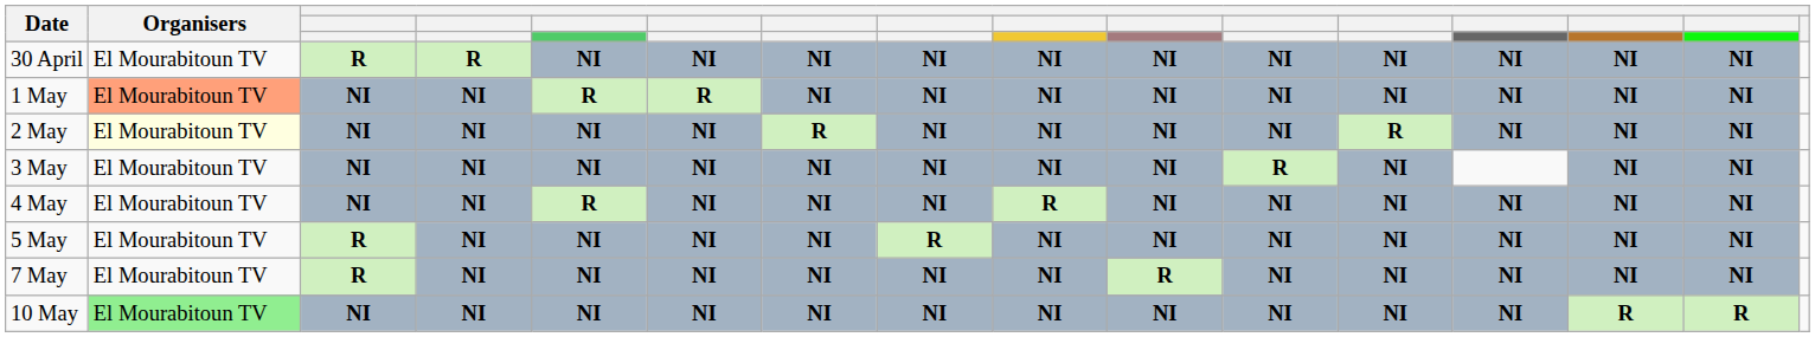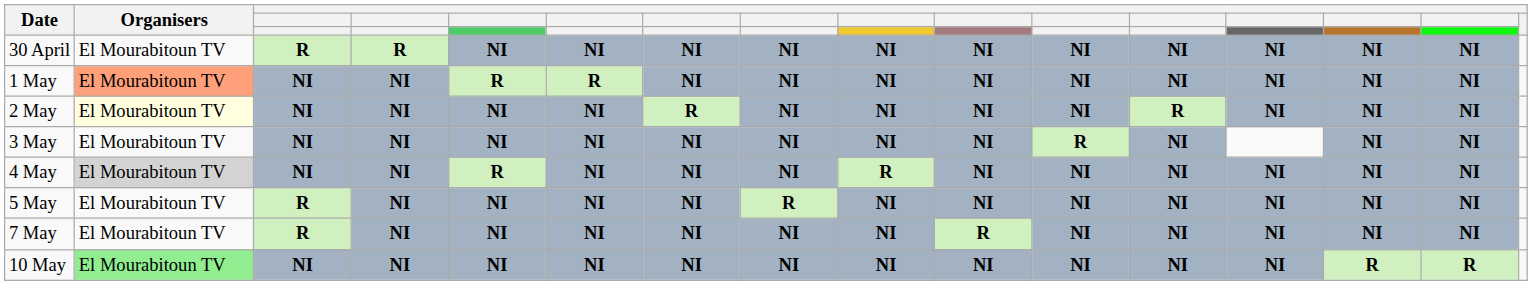 <table class="wikitable" style="text-align:center;font-size:95%;">
 <tr>
 <th rowspan="3">Date</th>
 <th rowspan="3" style="width:10em;">Organisers</th>
 <th colspan="15">      </th>
 </tr>
 <tr>
 <th scope="col" style="width:7em;"></th>
 <th scope="col" style="width:7em;"></th>
 <th scope="col" style="width:7em;"></th>
 <th scope="col" style="width:7em;"></th>
 <th scope="col" style="width:7em;"></th>
 <th scope="col" style="width:7em;"></th>
 <th scope="col" style="width:7em;"></th>
 <th scope="col" style="width:7em;"></th>
 <th scope="col" style="width:7em;"></th>
 <th scope="col" style="width:7em;"></th>
 <th scope="col" style="width:7em;"></th>
 <th scope="col" style="width:7em;"></th>
 <th scope="col" style="width:7em;"></th>
 <th rowspan="2"></th>
 </tr>
 <tr>
 <th style="color:inherit;background:"></th>
 <th style="color:inherit;background:"></th>
 <th style="color:inherit;background:#4FCB68;"></th>
 <th style="color:inherit;background:"></th>
 <th style="color:inherit;background:"></th>
 <th style="color:inherit;background:"></th>
 <th style="color:inherit;background:#F0C832;"></th>
 <th style="color:inherit;background:#A47A7E;"></th>
 <th style="color:inherit;background:"></th>
 <th style="color:inherit;background:"></th>
 <th style="color:inherit;background:#666666;"></th>
 <th style="color:inherit;background:#B7752C;"></th>
 <th style="color:inherit;background:#0EF70E;"></th>
 </tr>
 <tr>
 <td style="white-space:nowrap; text-align:left;">30 April</td>
 <td style="white-space:nowrap; text-align:left;">El Mourabitoun TV<br></td>
 <td style="background:#D0F0C0;"><strong>R</strong><br></td>
 <td style="background:#D0F0C0;"><strong>R</strong><br></td>
 <td style="background:#A2B2C2;"><strong>NI</strong></td>
 <td style="background:#A2B2C2;"><strong>NI</strong></td>
 <td style="background:#A2B2C2;"><strong>NI</strong></td>
 <td style="background:#A2B2C2;"><strong>NI</strong></td>
 <td style="background:#A2B2C2;"><strong>NI</strong></td>
 <td style="background:#A2B2C2;"><strong>NI</strong></td>
 <td style="background:#A2B2C2;"><strong>NI</strong></td>
 <td style="background:#A2B2C2;"><strong>NI</strong></td>
 <td style="background:#A2B2C2;"><strong>NI</strong></td>
 <td style="background:#A2B2C2;"><strong>NI</strong></td>
 <td style="background:#A2B2C2;"><strong>NI</strong></td>
 <td></td>
 </tr>
 <tr>
 <td style="white-space:nowrap; text-align:left;">1 May</td>
 <td style="background: lightsalmon; white-space:nowrap; text-align:left;">El Mourabitoun TV<br></td>
 <td style="background:#A2B2C2;"><strong>NI</strong></td>
 <td style="background:#A2B2C2;"><strong>NI</strong></td>
 <td style="background:#D0F0C0;"><strong>R</strong><br></td>
 <td style="background:#D0F0C0;"><strong>R</strong><br></td>
 <td style="background:#A2B2C2;"><strong>NI</strong></td>
 <td style="background:#A2B2C2;"><strong>NI</strong></td>
 <td style="background:#A2B2C2;"><strong>NI</strong></td>
 <td style="background:#A2B2C2;"><strong>NI</strong></td>
 <td style="background:#A2B2C2;"><strong>NI</strong></td>
 <td style="background:#A2B2C2;"><strong>NI</strong></td>
 <td style="background:#A2B2C2;"><strong>NI</strong></td>
 <td style="background:#A2B2C2;"><strong>NI</strong></td>
 <td style="background:#A2B2C2;"><strong>NI</strong></td>
 <td></td>
 </tr>
 <tr>
 <td style="white-space:nowrap; text-align:left;">2 May</td>
 <td style="background: lightyellow; white-space:nowrap; text-align:left;">El Mourabitoun TV<br></td>
 <td style="background:#A2B2C2;"><strong>NI</strong></td>
 <td style="background:#A2B2C2;"><strong>NI</strong></td>
 <td style="background:#A2B2C2;"><strong>NI</strong></td>
 <td style="background:#A2B2C2;"><strong>NI</strong></td>
 <td style="background:#D0F0C0;"><strong>R</strong><br></td>
 <td style="background:#A2B2C2;"><strong>NI</strong></td>
 <td style="background:#A2B2C2;"><strong>NI</strong></td>
 <td style="background:#A2B2C2;"><strong>NI</strong></td>
 <td style="background:#A2B2C2;"><strong>NI</strong></td>
 <td style="background:#D0F0C0;"><strong>R</strong><br></td>
 <td style="background:#A2B2C2;"><strong>NI</strong></td>
 <td style="background:#A2B2C2;"><strong>NI</strong></td>
 <td style="background:#A2B2C2;"><strong>NI</strong></td>
 <td></td>
 </tr>
 <tr>
 <td style="white-space:nowrap; text-align:left;">3 May</td>
 <td style="white-space:nowrap; text-align:left;">El Mourabitoun TV<br></td>
 <td style="background:#A2B2C2;"><strong>NI</strong></td>
 <td style="background:#A2B2C2;"><strong>NI</strong></td>
 <td style="background:#A2B2C2;"><strong>NI</strong></td>
 <td style="background:#A2B2C2;"><strong>NI</strong></td>
 <td style="background:#A2B2C2;"><strong>NI</strong></td>
 <td style="background:#A2B2C2;"><strong>NI</strong></td>
 <td style="background:#A2B2C2;"><strong>NI</strong></td>
 <td style="background:#A2B2C2;"><strong>NI</strong></td>
 <td style="background:#D0F0C0;"><strong>R</strong><br></td>
 <td style="background:#A2B2C2;"><strong>NI</strong></td>
 <td></td>
 <td style="background:#A2B2C2;"><strong>NI</strong></td>
 <td style="background:#A2B2C2;"><strong>NI</strong></td>
 <td></td>
 </tr>
 <tr>
 <td style="white-space:nowrap; text-align:left;">4 May</td>
-<td style="white-space:nowrap; text-align:left;">El Mourabitoun TV<br></td>
+<td style="background: lightgrey; white-space:nowrap; text-align:left;">El Mourabitoun TV<br></td>
 <td style="background:#A2B2C2;"><strong>NI</strong></td>
 <td style="background:#A2B2C2;"><strong>NI</strong></td>
 <td style="background:#D0F0C0;"><strong>R</strong><br></td>
 <td style="background:#A2B2C2;"><strong>NI</strong></td>
 <td style="background:#A2B2C2;"><strong>NI</strong></td>
 <td style="background:#A2B2C2;"><strong>NI</strong></td>
 <td style="background:#D0F0C0;"><strong>R</strong><br></td>
 <td style="background:#A2B2C2;"><strong>NI</strong></td>
 <td style="background:#A2B2C2;"><strong>NI</strong></td>
 <td style="background:#A2B2C2;"><strong>NI</strong></td>
 <td style="background:#A2B2C2;"><strong>NI</strong></td>
 <td style="background:#A2B2C2;"><strong>NI</strong></td>
 <td style="background:#A2B2C2;"><strong>NI</strong></td>
 <td></td>
 </tr>
 <tr>
 <td style="white-space:nowrap; text-align:left;">5 May</td>
 <td style="white-space:nowrap; text-align:left;">El Mourabitoun TV<br></td>
 <td style="background:#D0F0C0;"><strong>R</strong><br></td>
 <td style="background:#A2B2C2;"><strong>NI</strong></td>
 <td style="background:#A2B2C2;"><strong>NI</strong></td>
 <td style="background:#A2B2C2;"><strong>NI</strong></td>
 <td style="background:#A2B2C2;"><strong>NI</strong></td>
 <td style="background:#D0F0C0;"><strong>R</strong><br></td>
 <td style="background:#A2B2C2;"><strong>NI</strong></td>
 <td style="background:#A2B2C2;"><strong>NI</strong></td>
 <td style="background:#A2B2C2;"><strong>NI</strong></td>
 <td style="background:#A2B2C2;"><strong>NI</strong></td>
 <td style="background:#A2B2C2;"><strong>NI</strong></td>
 <td style="background:#A2B2C2;"><strong>NI</strong></td>
 <td style="background:#A2B2C2;"><strong>NI</strong></td>
 <td></td>
 </tr>
 <tr>
 <td style="white-space:nowrap; text-align:left;">7 May</td>
 <td style="white-space:nowrap; text-align:left;">El Mourabitoun TV<br></td>
 <td style="background:#D0F0C0;"><strong>R</strong><br></td>
 <td style="background:#A2B2C2;"><strong>NI</strong></td>
 <td style="background:#A2B2C2;"><strong>NI</strong></td>
 <td style="background:#A2B2C2;"><strong>NI</strong></td>
 <td style="background:#A2B2C2;"><strong>NI</strong></td>
 <td style="background:#A2B2C2;"><strong>NI</strong></td>
 <td style="background:#A2B2C2;"><strong>NI</strong></td>
 <td style="background:#D0F0C0;"><strong>R</strong><br></td>
 <td style="background:#A2B2C2;"><strong>NI</strong></td>
 <td style="background:#A2B2C2;"><strong>NI</strong></td>
 <td style="background:#A2B2C2;"><strong>NI</strong></td>
 <td style="background:#A2B2C2;"><strong>NI</strong></td>
 <td style="background:#A2B2C2;"><strong>NI</strong></td>
 <td></td>
 </tr>
 <tr>
 <td style="white-space:nowrap; text-align:left;">10 May</td>
 <td style="background: lightgreen; white-space:nowrap; text-align:left;">El Mourabitoun TV<br></td>
 <td style="background:#A2B2C2;"><strong>NI</strong></td>
 <td style="background:#A2B2C2;"><strong>NI</strong></td>
 <td style="background:#A2B2C2;"><strong>NI</strong></td>
 <td style="background:#A2B2C2;"><strong>NI</strong></td>
 <td style="background:#A2B2C2;"><strong>NI</strong></td>
 <td style="background:#A2B2C2;"><strong>NI</strong></td>
 <td style="background:#A2B2C2;"><strong>NI</strong></td>
 <td style="background:#A2B2C2;"><strong>NI</strong></td>
 <td style="background:#A2B2C2;"><strong>NI</strong></td>
 <td style="background:#A2B2C2;"><strong>NI</strong></td>
 <td style="background:#A2B2C2;"><strong>NI</strong></td>
 <td style="background:#D0F0C0;"><strong>R</strong><br></td>
 <td style="background:#D0F0C0;"><strong>R</strong><br></td>
 <td></td>
 </tr>
 </table>
